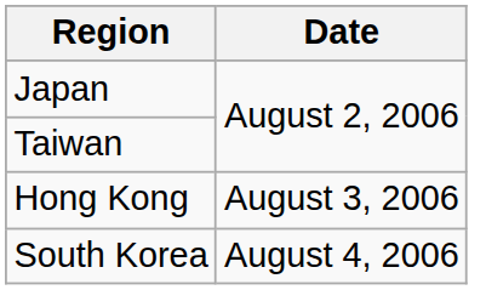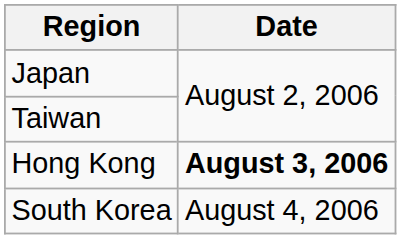 <table class="wikitable">
 <tr>
 <th>Region</th>
 <th>Date</th>
 </tr>
 <tr>
 <td>Japan</td>
 <td rowspan="2">August 2, 2006</td>
 </tr>
 <tr>
 <td>Taiwan</td>
 </tr>
 <tr>
 <td>Hong Kong</td>
-<td>August 3, 2006</td>
+<td><strong>August 3, 2006</strong></td>
 </tr>
 <tr>
 <td>South Korea</td>
 <td>August 4, 2006</td>
 </tr>
 </table>
